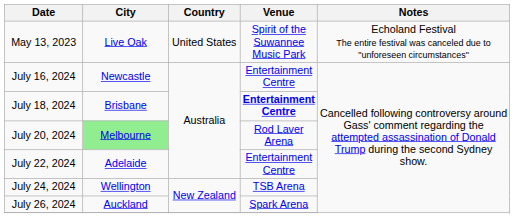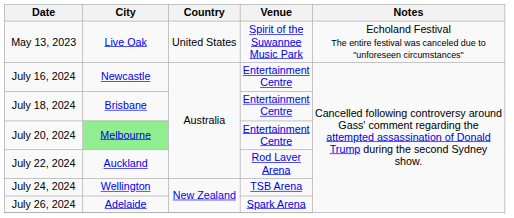 <table class="wikitable plainrowheaders" style="text-align:center;">
 <tr>
 <th width="110">Date</th>
 <th width="120">City</th>
 <th width="100">Country</th>
 <th width="100">Venue</th>
 <th width="280">Notes</th>
 </tr>
 <tr>
 <td>May 13, 2023</td>
 <td><a href='#'>Live Oak</a></td>
 <td>United States</td>
 <td><a href='#'>Spirit of the Suwannee Music Park</a></td>
 <td>Echoland Festival<br><small>The entire festival was canceled due to "unforeseen circumstances"</small></td>
 </tr>
 <tr>
 <td>July 16, 2024</td>
 <td><a href='#'>Newcastle</a></td>
 <td rowspan="4">Australia</td>
 <td><a href='#'>Entertainment Centre</a></td>
 <td rowspan="7">Cancelled following controversy around Gass' comment regarding the <a href='#'>attempted assassination of Donald Trump</a> during the second Sydney show.</td>
 </tr>
 <tr>
 <td>July 18, 2024</td>
 <td><a href='#'>Brisbane</a></td>
-<td><strong><a href='#'>Entertainment Centre</a></strong></td>
+<td><a href='#'>Entertainment Centre</a></td>
 </tr>
 <tr>
 <td>July 20, 2024</td>
 <td style="background: lightgreen;"><a href='#'>Melbourne</a></td>
-<td><a href='#'>Rod Laver Arena</a></td>
+<td><a href='#'>Entertainment Centre</a></td>
 </tr>
 <tr>
 <td>July 22, 2024</td>
-<td><a href='#'>Adelaide</a></td>
-<td><a href='#'>Entertainment Centre</a></td>
+<td><a href='#'>Auckland</a></td>
+<td><a href='#'>Rod Laver Arena</a></td>
 </tr>
 <tr>
 <td>July 24, 2024</td>
 <td><a href='#'>Wellington</a></td>
 <td rowspan="2"><a href='#'>New Zealand</a></td>
 <td><a href='#'>TSB Arena</a></td>
 </tr>
 <tr>
 <td>July 26, 2024</td>
-<td><a href='#'>Auckland</a></td>
+<td><a href='#'>Adelaide</a></td>
 <td><a href='#'>Spark Arena</a></td>
 </tr>
 <tr>
 </tr>
 </table>
